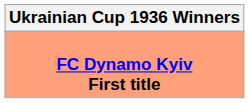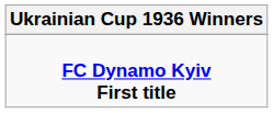 <table class="wikitable" style="text-align: center; margin: 0 auto;">
 <tr>
 <th>Ukrainian Cup 1936 Winners</th>
 </tr>
 <tr>
 </tr>
 <tr>
-<td style="background: lightsalmon;"><br><strong><a href='#'>FC Dynamo Kyiv</a></strong><br><strong>First title</strong></td>
+<td><br><strong><a href='#'>FC Dynamo Kyiv</a></strong><br><strong>First title</strong></td>
 </tr>
 </table>
